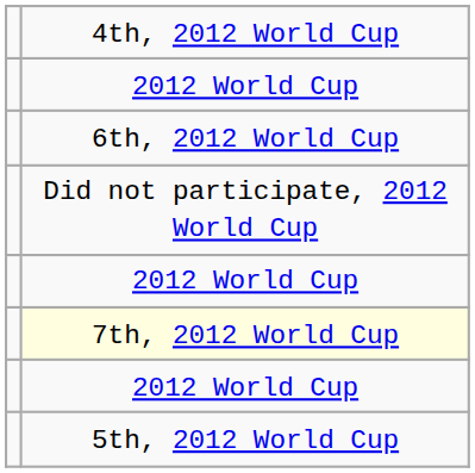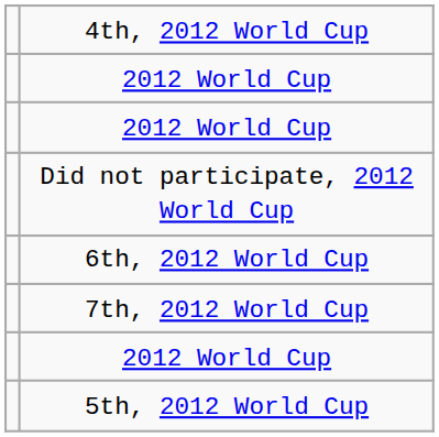 <table class="wikitable" width=30%>
 <tr align=center>
 <td></td>
 <td><small>4th, <a href='#'>2012 World Cup</a></small></td>
 </tr>
 <tr align=center>
 <td></td>
 <td><small> <a href='#'>2012 World Cup</a></small></td>
 </tr>
 <tr align=center>
 <td></td>
-<td><small>6th, <a href='#'>2012 World Cup</a></small></td>
+<td><small> <a href='#'>2012 World Cup</a></small></td>
 </tr>
 <tr align=center>
 <td></td>
 <td><small>Did not participate, <a href='#'>2012 World Cup</a></small></td>
 </tr>
 <tr align=center>
 <td></td>
-<td><small> <a href='#'>2012 World Cup</a></small></td>
+<td><small>6th, <a href='#'>2012 World Cup</a></small></td>
 </tr>
 <tr align=center>
 <td></td>
-<td style="background: lightyellow;"><small>7th, <a href='#'>2012 World Cup</a></small></td>
+<td><small>7th, <a href='#'>2012 World Cup</a></small></td>
 </tr>
 <tr align=center>
 <td></td>
 <td><small> <a href='#'>2012 World Cup</a></small></td>
 </tr>
 <tr align=center>
 <td></td>
 <td><small>5th, <a href='#'>2012 World Cup</a></small></td>
 </tr>
 </table>
